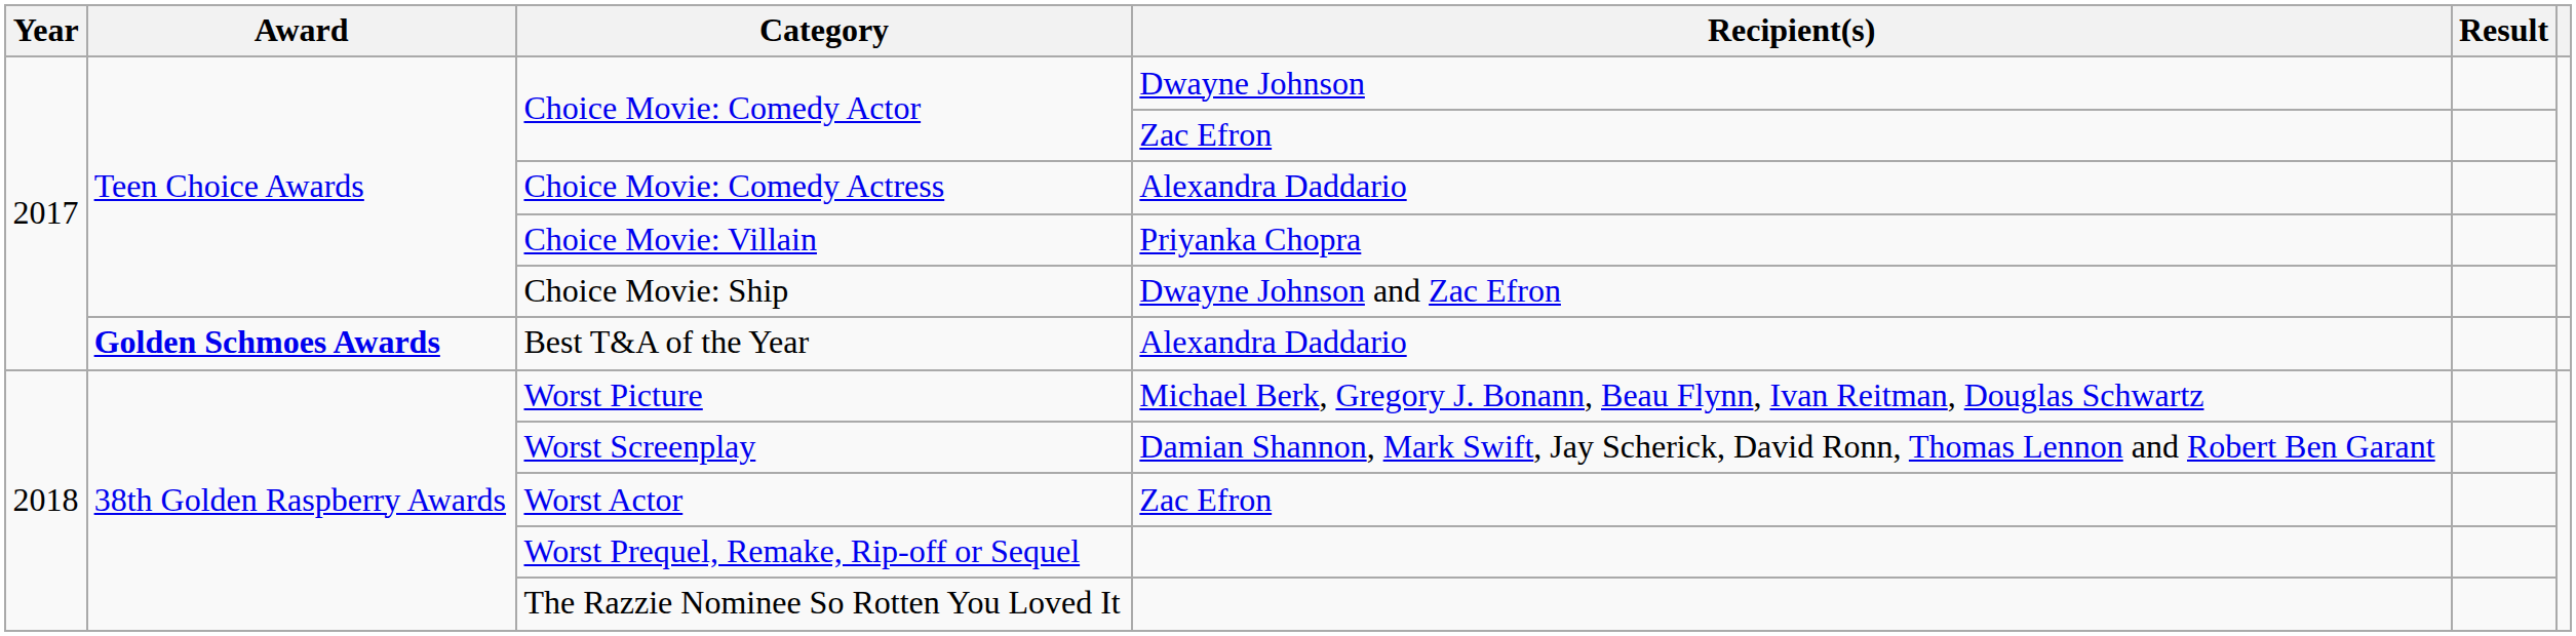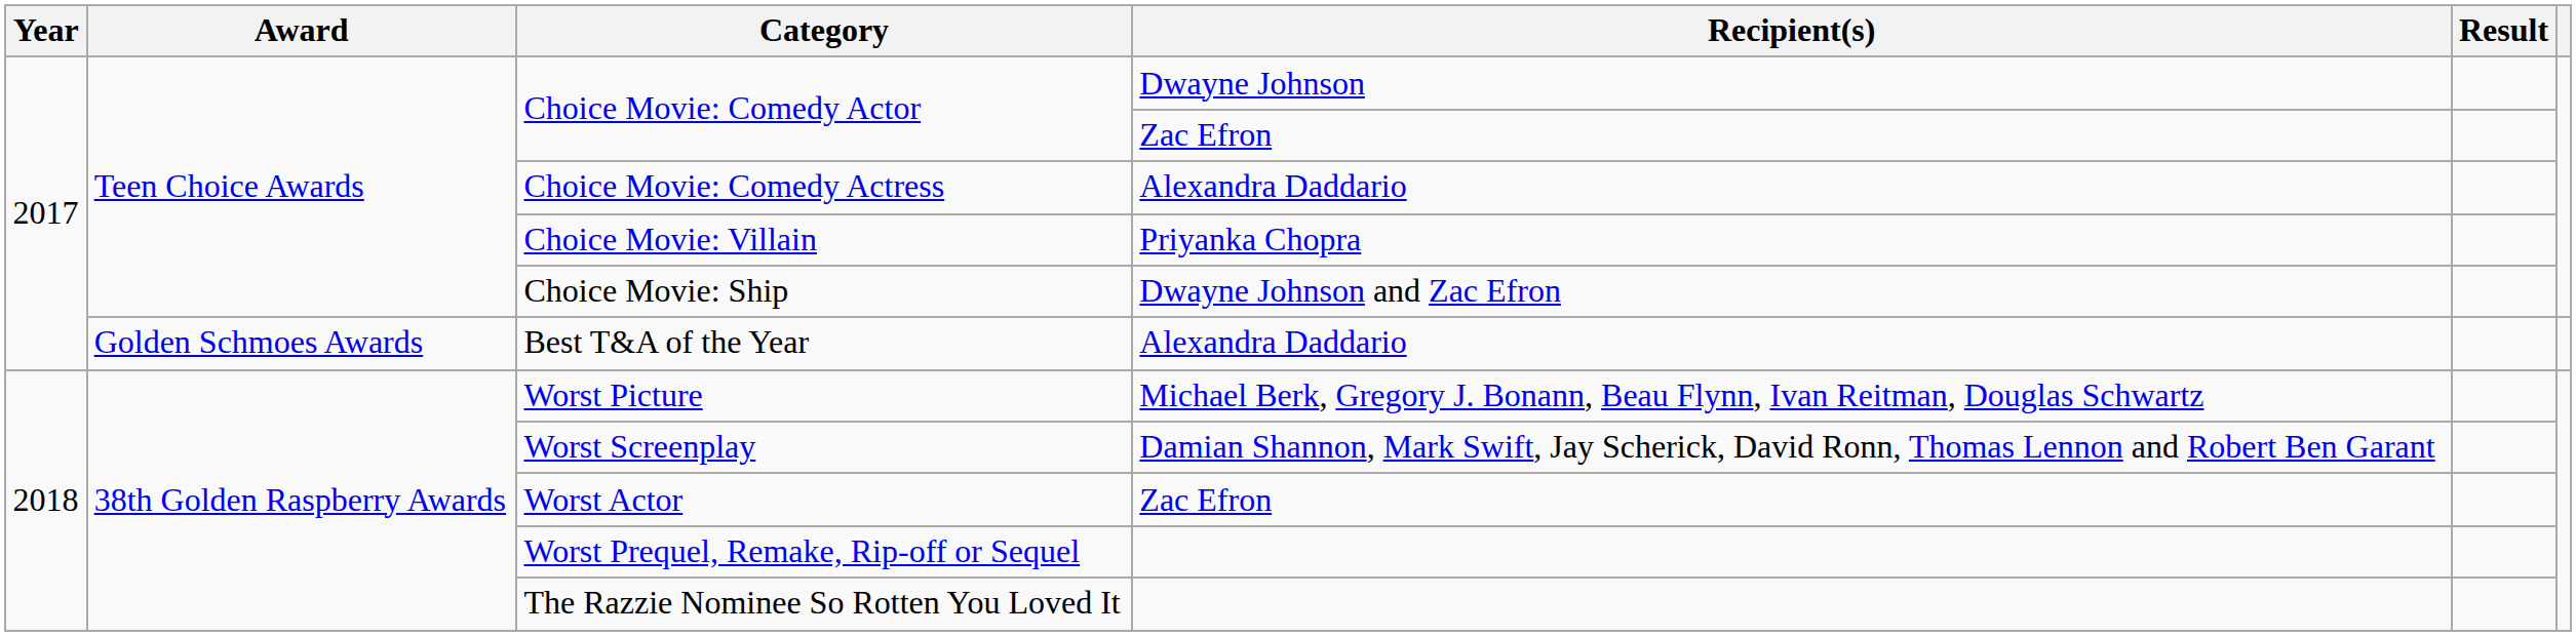 <table class="wikitable sortable" style="width: 99%;">
 <tr>
 <th scope="col">Year</th>
 <th scope="col">Award</th>
 <th scope="col">Category</th>
 <th scope="col">Recipient(s)</th>
 <th scope="col">Result</th>
 <th scope="col" class="unsortable"></th>
 </tr>
 <tr>
 <td rowspan="6">2017</td>
 <td rowspan="5"><a href='#'>Teen Choice Awards</a></td>
 <td rowspan="2"><a href='#'>Choice Movie: Comedy Actor</a></td>
 <td><a href='#'>Dwayne Johnson</a></td>
 <td></td>
 <td rowspan="5"></td>
 </tr>
 <tr>
 <td><a href='#'>Zac Efron</a></td>
 <td></td>
 </tr>
 <tr>
 <td><a href='#'>Choice Movie: Comedy Actress</a></td>
 <td><a href='#'>Alexandra Daddario</a></td>
 <td></td>
 </tr>
 <tr>
 <td><a href='#'>Choice Movie: Villain</a></td>
 <td><a href='#'>Priyanka Chopra</a></td>
 <td></td>
 </tr>
 <tr>
 <td>Choice Movie: Ship</td>
 <td><a href='#'>Dwayne Johnson</a> and <a href='#'>Zac Efron</a></td>
 <td></td>
 </tr>
 <tr>
-<td><strong><a href='#'>Golden Schmoes Awards</a></strong></td>
+<td><a href='#'>Golden Schmoes Awards</a></td>
 <td>Best T&A of the Year</td>
 <td><a href='#'>Alexandra Daddario</a></td>
 <td></td>
 <td></td>
 </tr>
 <tr>
 <td rowspan="5">2018</td>
 <td rowspan="5"><a href='#'>38th Golden Raspberry Awards</a></td>
 <td><a href='#'>Worst Picture</a></td>
 <td><a href='#'>Michael Berk</a>, <a href='#'>Gregory J. Bonann</a>, <a href='#'>Beau Flynn</a>, <a href='#'>Ivan Reitman</a>, <a href='#'>Douglas Schwartz</a></td>
 <td></td>
 <td rowspan="5"></td>
 </tr>
 <tr>
 <td><a href='#'>Worst Screenplay</a></td>
 <td><a href='#'>Damian Shannon</a>, <a href='#'>Mark Swift</a>, Jay Scherick, David Ronn, <a href='#'>Thomas Lennon</a> and <a href='#'>Robert Ben Garant</a></td>
 <td></td>
 </tr>
 <tr>
 <td><a href='#'>Worst Actor</a></td>
 <td><a href='#'>Zac Efron</a></td>
 <td></td>
 </tr>
 <tr>
 <td><a href='#'>Worst Prequel, Remake, Rip-off or Sequel</a></td>
 <td></td>
 <td></td>
 </tr>
 <tr>
 <td>The Razzie Nominee So Rotten You Loved It</td>
 <td></td>
 <td></td>
 </tr>
 </table>
